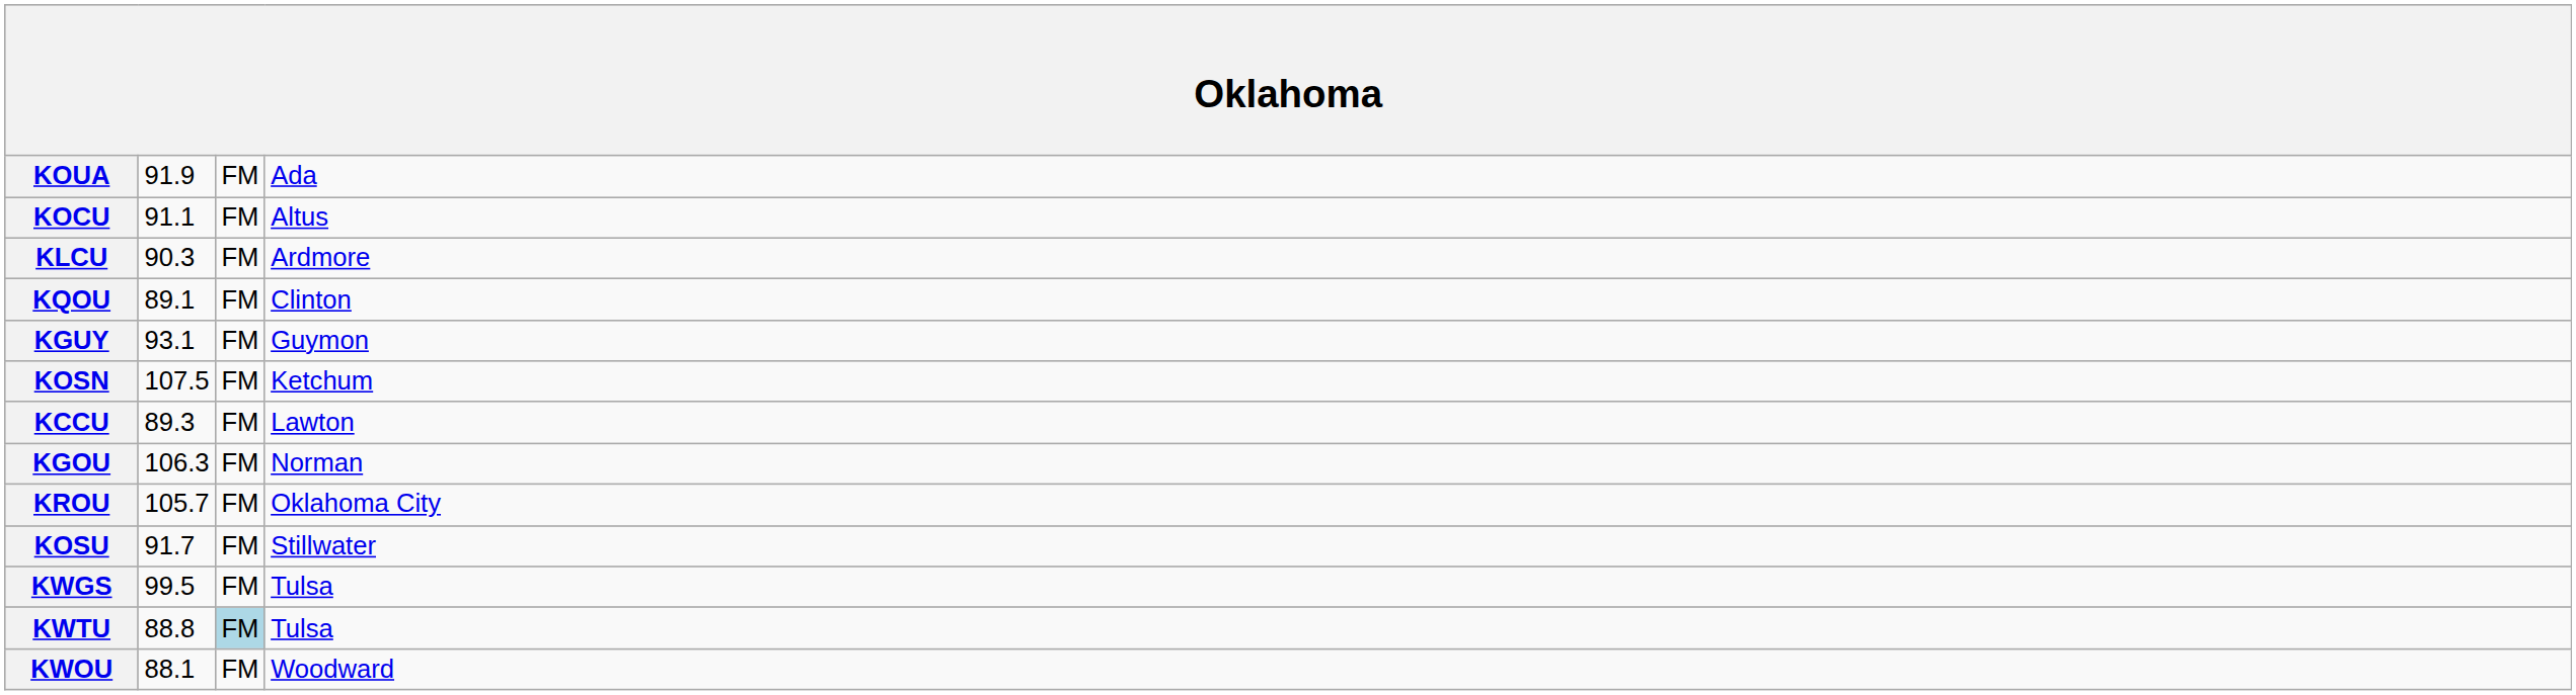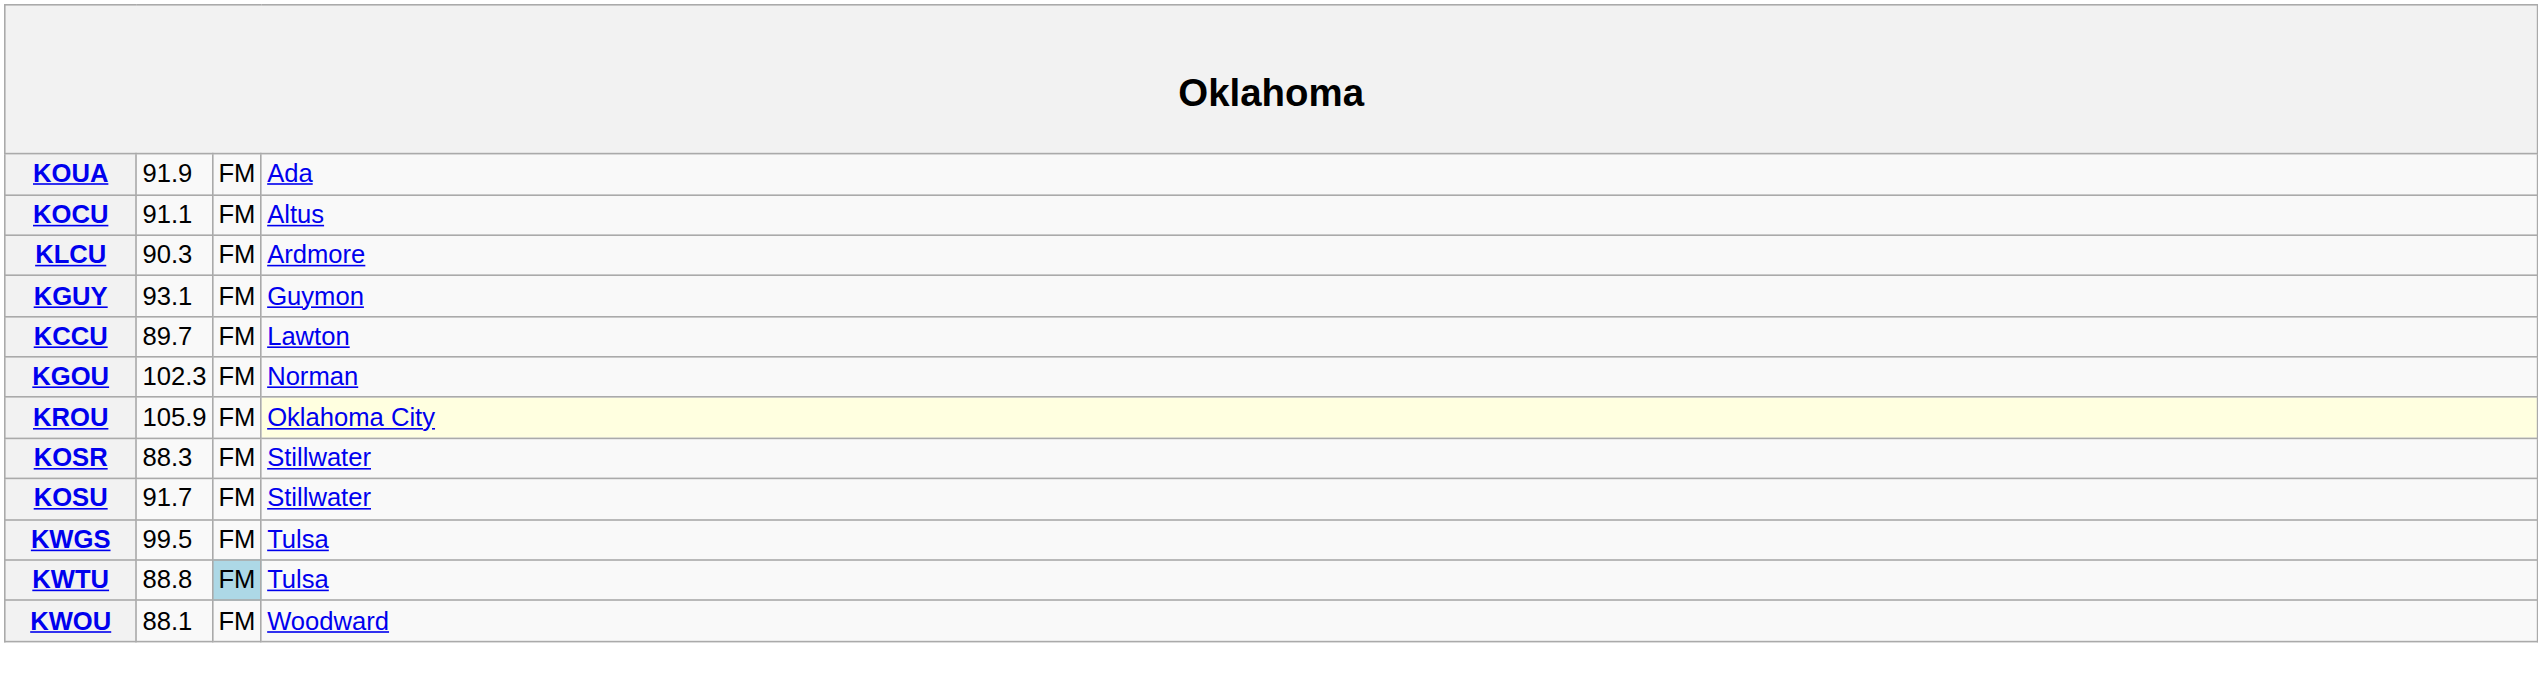 <table class="wikitable mw-collapsible" style="width:100%">
 <tr>
 <th scope="col" colspan="4"><br><h2>Oklahoma</h2></th>
 </tr>
 <tr>
 <th scope="row" style="width: 75px;"><a href='#'>KOUA</a></th>
 <td style="width: 40px;">91.9</td>
 <td style="width: 21px;">FM</td>
 <td><a href='#'>Ada</a></td>
 </tr>
 <tr>
 <th scope="row"><a href='#'>KOCU</a></th>
 <td>91.1</td>
 <td>FM</td>
 <td><a href='#'>Altus</a></td>
 </tr>
 <tr>
 <th scope="row"><a href='#'>KLCU</a></th>
 <td>90.3</td>
 <td>FM</td>
 <td><a href='#'>Ardmore</a></td>
 </tr>
 <tr>
-<th scope="row"><a href='#'>KQOU</a></th>
-<td>89.1</td>
-<td>FM</td>
-<td><a href='#'>Clinton</a></td>
-</tr>
-<tr>
 <th scope="row"><a href='#'>KGUY</a></th>
 <td>93.1</td>
 <td>FM</td>
 <td><a href='#'>Guymon</a></td>
 </tr>
 <tr>
-<th scope="row"><a href='#'>KOSN</a></th>
-<td>107.5</td>
-<td>FM</td>
-<td><a href='#'>Ketchum</a></td>
-</tr>
-<tr>
 <th scope="row"><a href='#'>KCCU</a></th>
-<td>89.3</td>
+<td>89.7</td>
 <td>FM</td>
 <td><a href='#'>Lawton</a></td>
 </tr>
 <tr>
 <th scope="row"><a href='#'>KGOU</a></th>
-<td>106.3</td>
+<td>102.3</td>
 <td>FM</td>
 <td><a href='#'>Norman</a></td>
 </tr>
 <tr>
 <th scope="row"><a href='#'>KROU</a></th>
-<td>105.7</td>
+<td>105.9</td>
 <td>FM</td>
-<td><a href='#'>Oklahoma City</a></td>
+<td style="background: lightyellow;"><a href='#'>Oklahoma City</a></td>
+</tr>
+<tr>
+<th scope="row"><a href='#'>KOSR</a></th>
+<td>88.3</td>
+<td>FM</td>
+<td><a href='#'>Stillwater</a></td>
 </tr>
 <tr>
 <th scope="row"><a href='#'>KOSU</a></th>
 <td>91.7</td>
 <td>FM</td>
 <td><a href='#'>Stillwater</a></td>
 </tr>
 <tr>
 <th scope="row"><a href='#'>KWGS</a></th>
 <td>99.5</td>
 <td>FM</td>
 <td><a href='#'>Tulsa</a></td>
 </tr>
 <tr>
 <th scope="row"><a href='#'>KWTU</a></th>
 <td>88.8</td>
 <td style="background: lightblue;">FM</td>
 <td><a href='#'>Tulsa</a></td>
 </tr>
 <tr>
 <th scope="row"><a href='#'>KWOU</a></th>
 <td>88.1</td>
 <td>FM</td>
 <td><a href='#'>Woodward</a></td>
 </tr>
 </table>
